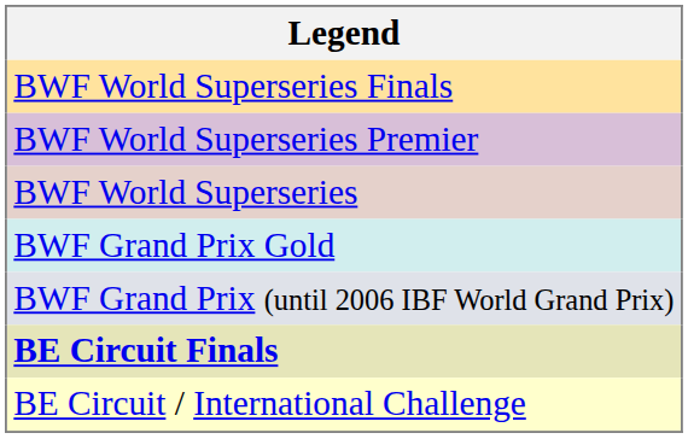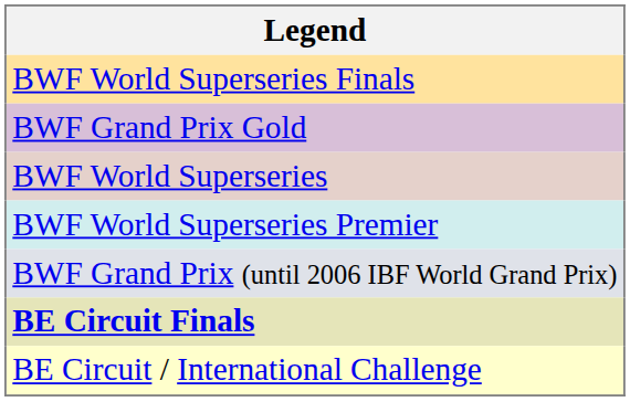 <table cellpadding="3" cellspacing="0" border="0" style="font-size: 100%; border: gray solid 1px; border-collapse: collapse;">
 <tr bgcolor="F2F2F2">
 <td align="center"><strong>Legend</strong></td>
 </tr>
 <tr bgcolor="FFE39E">
 <td><a href='#'>BWF World Superseries Finals</a></td>
 </tr>
 <tr bgcolor="D8BFD8">
-<td><a href='#'>BWF World Superseries Premier</a></td>
+<td><a href='#'>BWF Grand Prix Gold</a></td>
 </tr>
 <tr bgcolor="E5D1CB">
 <td><a href='#'>BWF World Superseries</a></td>
 </tr>
 <tr bgcolor="D1EEEE">
-<td><a href='#'>BWF Grand Prix Gold</a></td>
+<td><a href='#'>BWF World Superseries Premier</a></td>
 </tr>
 <tr bgcolor="DFE2E9">
 <td><a href='#'>BWF Grand Prix</a> <small>(until 2006 IBF World Grand Prix)</small></td>
 </tr>
 <tr bgcolor="E5E5B9">
 <td><strong><a href='#'>BE Circuit Finals</a></strong></td>
 </tr>
 <tr bgcolor="FFFFCC">
 <td><a href='#'>BE Circuit</a> / <a href='#'>International Challenge</a></td>
 </tr>
 </table>
